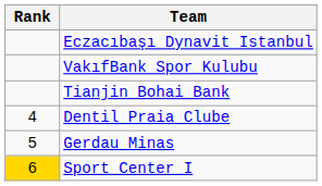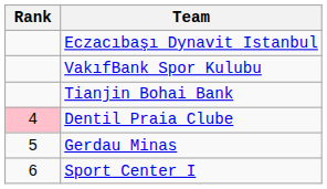 <table class="wikitable" style="text-align:center;">
 <tr>
 <th width=40>Rank</th>
 <th>Team</th>
 </tr>
 <tr>
 <td></td>
 <td style="text-align:left;"> <a href='#'>Eczacıbaşı Dynavit Istanbul</a></td>
 </tr>
 <tr>
 <td></td>
 <td style="text-align:left;"> <a href='#'>VakıfBank Spor Kulubu</a></td>
 </tr>
 <tr>
 <td></td>
 <td style="text-align:left;"> <a href='#'>Tianjin Bohai Bank</a></td>
 </tr>
 <tr>
-<td>4</td>
+<td style="background: pink;">4</td>
 <td style="text-align:left;"> <a href='#'>Dentil Praia Clube</a></td>
 </tr>
 <tr>
 <td>5</td>
 <td style="text-align:left;"> <a href='#'>Gerdau Minas</a></td>
 </tr>
 <tr>
-<td style="background: gold;">6</td>
+<td>6</td>
 <td style="text-align:left;"> <a href='#'>Sport Center I</a></td>
 </tr>
 </table>
